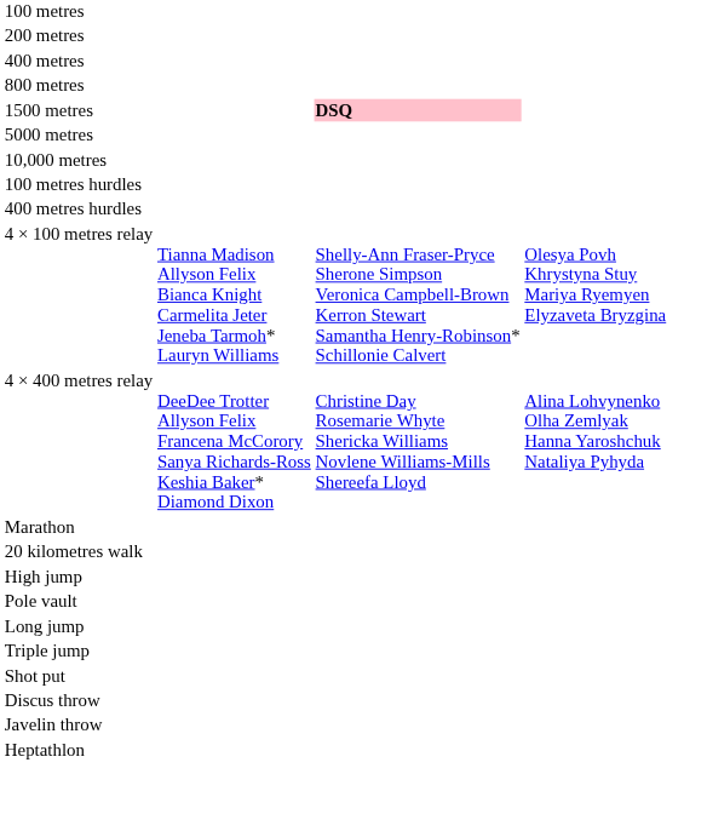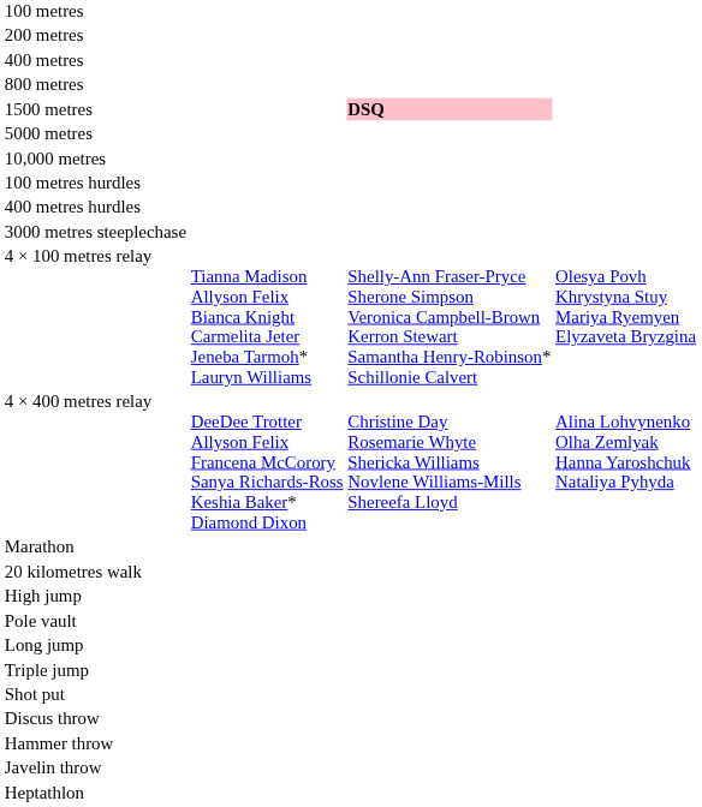 <table>
 <tr align="top">
 <td>100 metres<br></td>
 <td></td>
 <td></td>
 <td></td>
 </tr>
 <tr align="top">
 <td>200 metres<br></td>
 <td></td>
 <td></td>
 <td></td>
 </tr>
 <tr align="top">
 <td>400 metres<br></td>
 <td></td>
 <td></td>
 <td></td>
 </tr>
 <tr align="top">
 <td>800 metres<br></td>
 <td></td>
 <td></td>
 <td></td>
 </tr>
 <tr align="top">
 <td>1500 metres<br></td>
 <td></td>
 <td bgcolor=pink> <strong>DSQ</strong></td>
 <td></td>
 </tr>
 <tr align="top">
 <td>5000 metres<br></td>
 <td></td>
 <td></td>
 <td></td>
 </tr>
 <tr align="top">
 <td>10,000 metres<br></td>
 <td></td>
 <td></td>
 <td></td>
 </tr>
 <tr align="top">
 <td>100 metres hurdles<br></td>
 <td></td>
 <td></td>
 <td></td>
 </tr>
 <tr align="top">
 <td>400 metres hurdles<br></td>
+<td></td>
+<td></td>
+<td></td>
+</tr>
+<tr valign="top">
+<td>3000 metres steeplechase<br></td>
 <td></td>
 <td></td>
 <td></td>
 </tr>
 <tr valign="top">
 <td>4 × 100 metres relay<br> </td>
 <td><br> <a href='#'>Tianna Madison</a><br> <a href='#'>Allyson Felix</a><br> <a href='#'>Bianca Knight</a><br> <a href='#'>Carmelita Jeter</a><br> <a href='#'>Jeneba Tarmoh</a>*<br> <a href='#'>Lauryn Williams</a></td>
 <td><br> <a href='#'>Shelly-Ann Fraser-Pryce</a><br> <a href='#'>Sherone Simpson</a><br> <a href='#'>Veronica Campbell-Brown</a><br> <a href='#'>Kerron Stewart</a><br> <a href='#'>Samantha Henry-Robinson</a>*<br> <a href='#'>Schillonie Calvert</a></td>
 <td><br> <a href='#'>Olesya Povh</a><br> <a href='#'>Khrystyna Stuy</a><br> <a href='#'>Mariya Ryemyen</a><br> <a href='#'>Elyzaveta Bryzgina</a></td>
 </tr>
 <tr valign="top">
 <td>4 × 400 metres relay<br> </td>
 <td><br> <a href='#'>DeeDee Trotter</a><br> <a href='#'>Allyson Felix</a><br> <a href='#'>Francena McCorory</a><br> <a href='#'>Sanya Richards-Ross</a><br> <a href='#'>Keshia Baker</a>*<br> <a href='#'>Diamond Dixon</a></td>
 <td><br> <a href='#'>Christine Day</a><br> <a href='#'>Rosemarie Whyte</a><br> <a href='#'>Shericka Williams</a><br> <a href='#'>Novlene Williams-Mills</a><br> <a href='#'>Shereefa Lloyd</a></td>
 <td><br> <a href='#'>Alina Lohvynenko</a><br> <a href='#'>Olha Zemlyak</a><br> <a href='#'>Hanna Yaroshchuk</a><br> <a href='#'>Nataliya Pyhyda</a></td>
 </tr>
 <tr align="top">
 <td>Marathon<br></td>
 <td></td>
 <td></td>
 <td></td>
 </tr>
 <tr align="top">
 <td>20 kilometres walk<br></td>
 <td></td>
 <td></td>
 <td></td>
 </tr>
 <tr>
 <td>High jump<br></td>
 <td></td>
 <td></td>
 <td></td>
 </tr>
 <tr>
 <td>Pole vault<br></td>
 <td></td>
 <td></td>
 <td></td>
 </tr>
 <tr>
 <td>Long jump<br></td>
 <td></td>
 <td></td>
 <td></td>
 </tr>
 <tr>
 <td>Triple jump<br></td>
 <td></td>
 <td></td>
 <td></td>
 </tr>
 <tr>
 <td>Shot put<br></td>
 <td></td>
 <td></td>
 <td></td>
 </tr>
 <tr>
 <td>Discus throw<br></td>
 <td></td>
 <td></td>
 <td></td>
 </tr>
 <tr>
+<td>Hammer throw<br></td>
+<td></td>
+<td></td>
+<td></td>
+</tr>
+<tr>
 <td>Javelin throw<br></td>
 <td></td>
 <td></td>
 <td></td>
 </tr>
 <tr>
 <td>Heptathlon<br></td>
 <td></td>
 <td></td>
 <td></td>
 </tr>
 </table>
